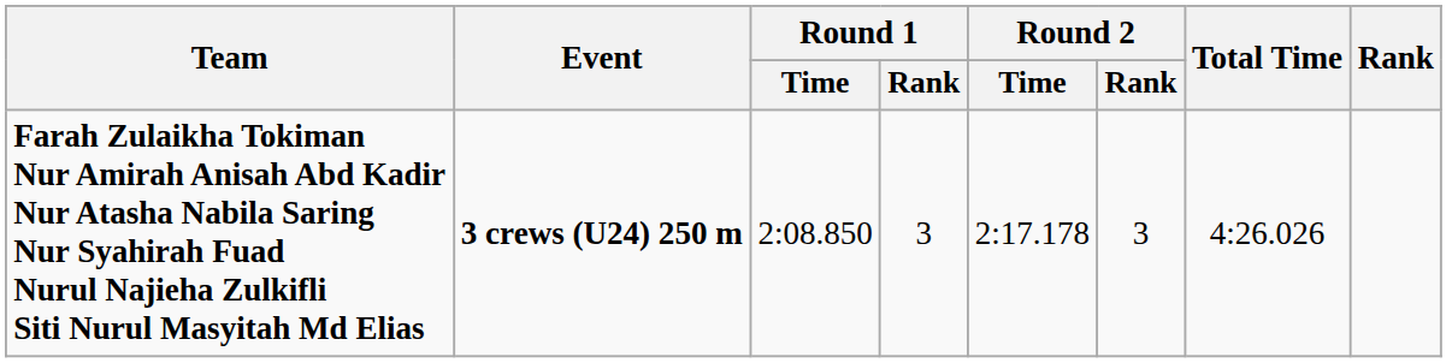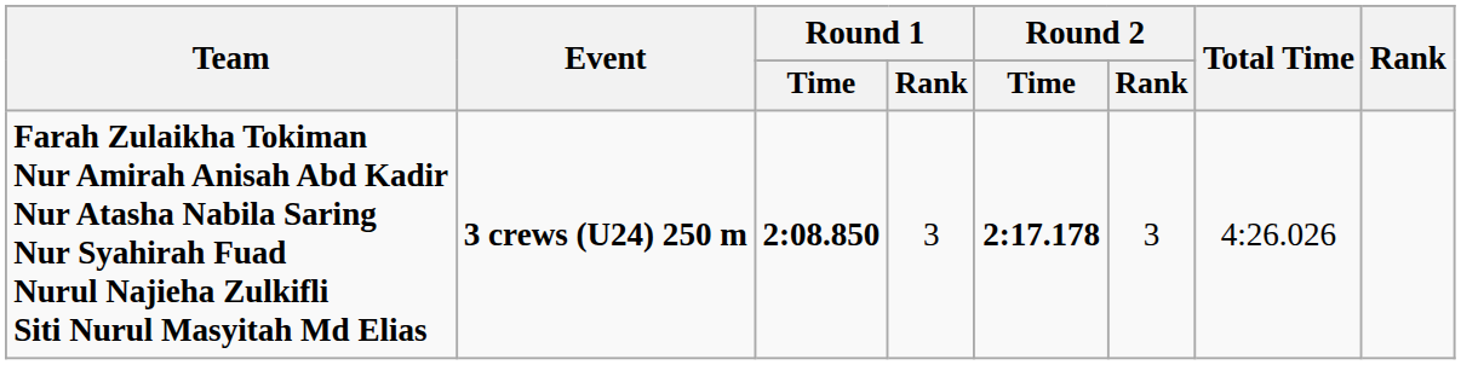 <table class="wikitable" style="font-size:90%">
 <tr>
 <th rowspan=2>Team</th>
 <th rowspan=2>Event</th>
 <th colspan=2>Round 1</th>
 <th colspan=2>Round 2</th>
 <th rowspan=2>Total Time</th>
 <th rowspan=2>Rank</th>
 </tr>
 <tr style="font-size:95%">
 <th>Time</th>
 <th>Rank</th>
 <th>Time</th>
 <th>Rank</th>
 </tr>
 <tr align=center>
 <td align=left><strong>Farah Zulaikha Tokiman<br>Nur Amirah Anisah Abd Kadir<br>Nur Atasha Nabila Saring<br>Nur Syahirah Fuad<br>Nurul Najieha Zulkifli<br>Siti Nurul Masyitah Md Elias</strong></td>
 <td align=left><strong>3 crews (U24) 250 m</strong></td>
-<td>2:08.850</td>
+<td><strong>2:08.850</strong></td>
 <td>3</td>
-<td>2:17.178</td>
+<td><strong>2:17.178</strong></td>
 <td>3</td>
 <td>4:26.026</td>
 <td></td>
 </tr>
 </table>
